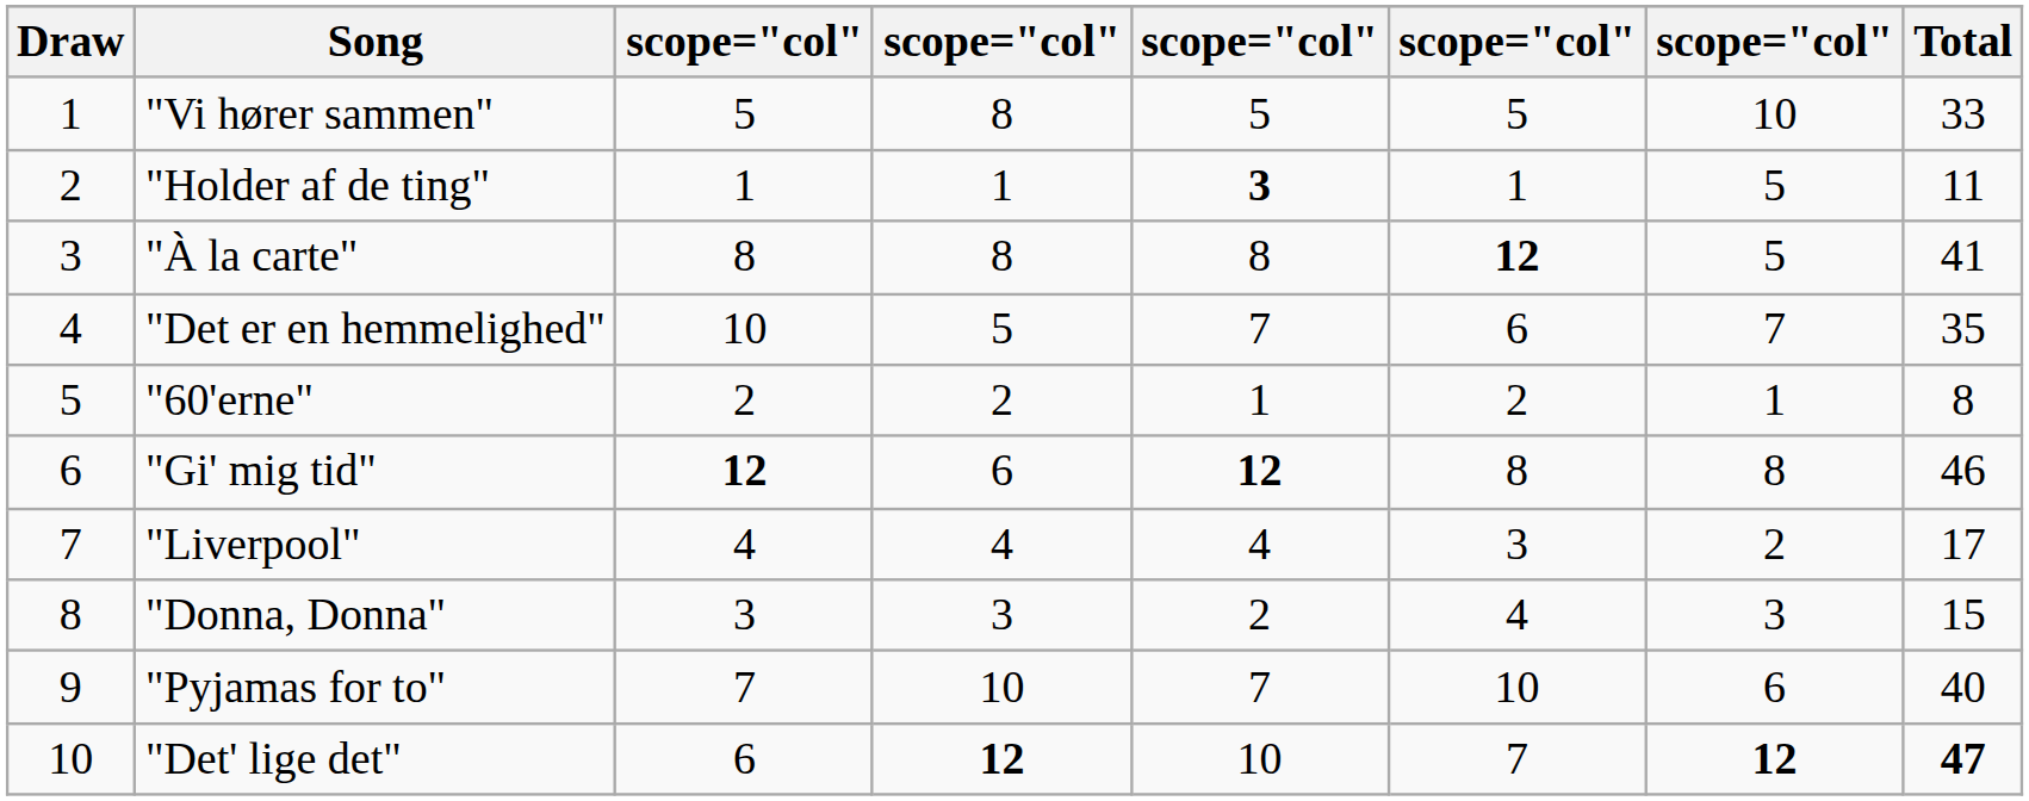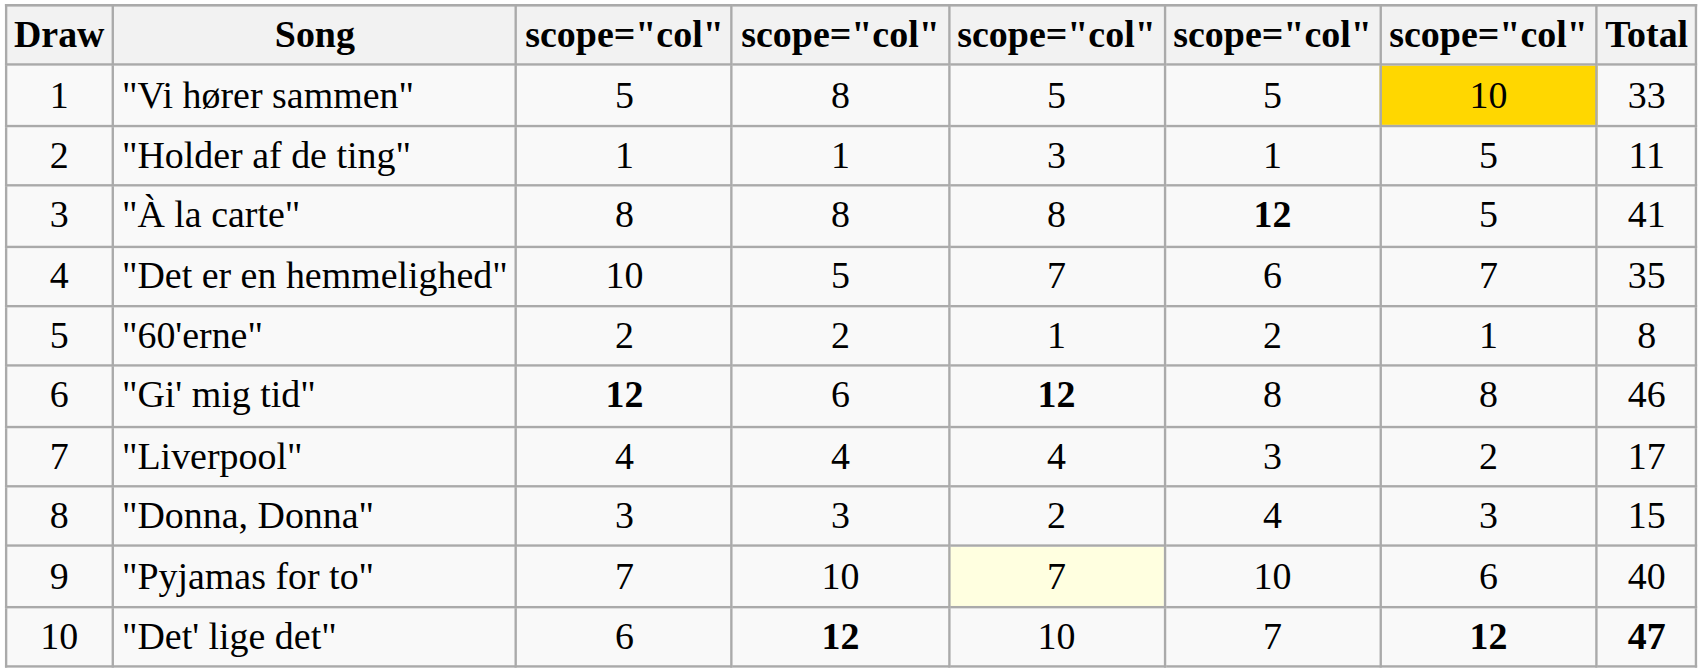 <table class="wikitable plainrowheaders" style="margin: 1em auto 1em auto; text-align:center;">
 <tr>
 </tr>
 <tr>
 <th scope="col">Draw</th>
 <th scope="col">Song</th>
 <th>scope="col" </th>
 <th>scope="col" </th>
 <th>scope="col" </th>
 <th>scope="col" </th>
 <th>scope="col" </th>
 <th scope="col">Total</th>
 </tr>
 <tr>
 <td>1</td>
 <td align=left>"Vi hører sammen"</td>
 <td>5</td>
 <td>8</td>
 <td>5</td>
 <td>5</td>
-<td>10</td>
+<td style="background: gold;">10</td>
 <td>33</td>
 </tr>
 <tr>
 <td>2</td>
 <td align=left>"Holder af de ting"</td>
 <td>1</td>
 <td>1</td>
-<td><strong>3</strong></td>
+<td>3</td>
 <td>1</td>
 <td>5</td>
 <td>11</td>
 </tr>
 <tr>
 <td>3</td>
 <td align=left>"À la carte"</td>
 <td>8</td>
 <td>8</td>
 <td>8</td>
 <td><strong>12</strong></td>
 <td>5</td>
 <td>41</td>
 </tr>
 <tr>
 <td>4</td>
 <td align=left>"Det er en hemmelighed"</td>
 <td>10</td>
 <td>5</td>
 <td>7</td>
 <td>6</td>
 <td>7</td>
 <td>35</td>
 </tr>
 <tr>
 <td>5</td>
 <td align=left>"60'erne"</td>
 <td>2</td>
 <td>2</td>
 <td>1</td>
 <td>2</td>
 <td>1</td>
 <td>8</td>
 </tr>
 <tr>
 <td>6</td>
 <td align=left>"Gi' mig tid"</td>
 <td><strong>12</strong></td>
 <td>6</td>
 <td><strong>12</strong></td>
 <td>8</td>
 <td>8</td>
 <td>46</td>
 </tr>
 <tr>
 <td>7</td>
 <td align="left">"Liverpool"</td>
 <td>4</td>
 <td>4</td>
 <td>4</td>
 <td>3</td>
 <td>2</td>
 <td>17</td>
 </tr>
 <tr>
 <td>8</td>
 <td align=left>"Donna, Donna"</td>
 <td>3</td>
 <td>3</td>
 <td>2</td>
 <td>4</td>
 <td>3</td>
 <td>15</td>
 </tr>
 <tr>
 <td>9</td>
 <td align=left>"Pyjamas for to"</td>
 <td>7</td>
 <td>10</td>
-<td>7</td>
+<td style="background: lightyellow;">7</td>
 <td>10</td>
 <td>6</td>
 <td>40</td>
 </tr>
 <tr>
 <td>10</td>
 <td align=left>"Det' lige det"</td>
 <td>6</td>
 <td><strong>12</strong></td>
 <td>10</td>
 <td>7</td>
 <td><strong>12</strong></td>
 <td><strong>47</strong></td>
 </tr>
 </table>
